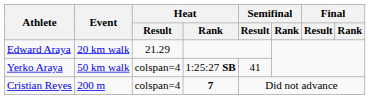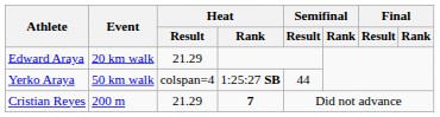 <table class="wikitable" style="font-size:90%">
 <tr>
 <th rowspan="2">Athlete</th>
 <th rowspan="2">Event</th>
 <th colspan="2">Heat</th>
 <th colspan="2">Semifinal</th>
 <th colspan="2">Final</th>
 </tr>
 <tr style="font-size:95%">
 <th>Result</th>
 <th>Rank</th>
 <th>Result</th>
 <th>Rank</th>
 <th>Result</th>
 <th>Rank</th>
 </tr>
 <tr align=center>
 <td align=left><a href='#'>Edward Araya</a></td>
 <td align=left><a href='#'>20 km walk</a></td>
 <td>21.29</td>
 <td colspan=2></td>
 </tr>
 <tr align=center>
 <td align=left><a href='#'>Yerko Araya</a></td>
 <td align=left><a href='#'>50 km walk</a></td>
 <td>colspan=4 </td>
 <td>1:25:27 <strong>SB</strong></td>
-<td>41</td>
+<td>44</td>
 </tr>
 <tr align=center>
 <td align=left><a href='#'>Cristian Reyes</a></td>
 <td align=left><a href='#'>200 m</a></td>
-<td>colspan=4 </td>
+<td>21.29</td>
 <td><strong>7</strong></td>
 <td colspan=4>Did not advance</td>
 </tr>
 </table>
